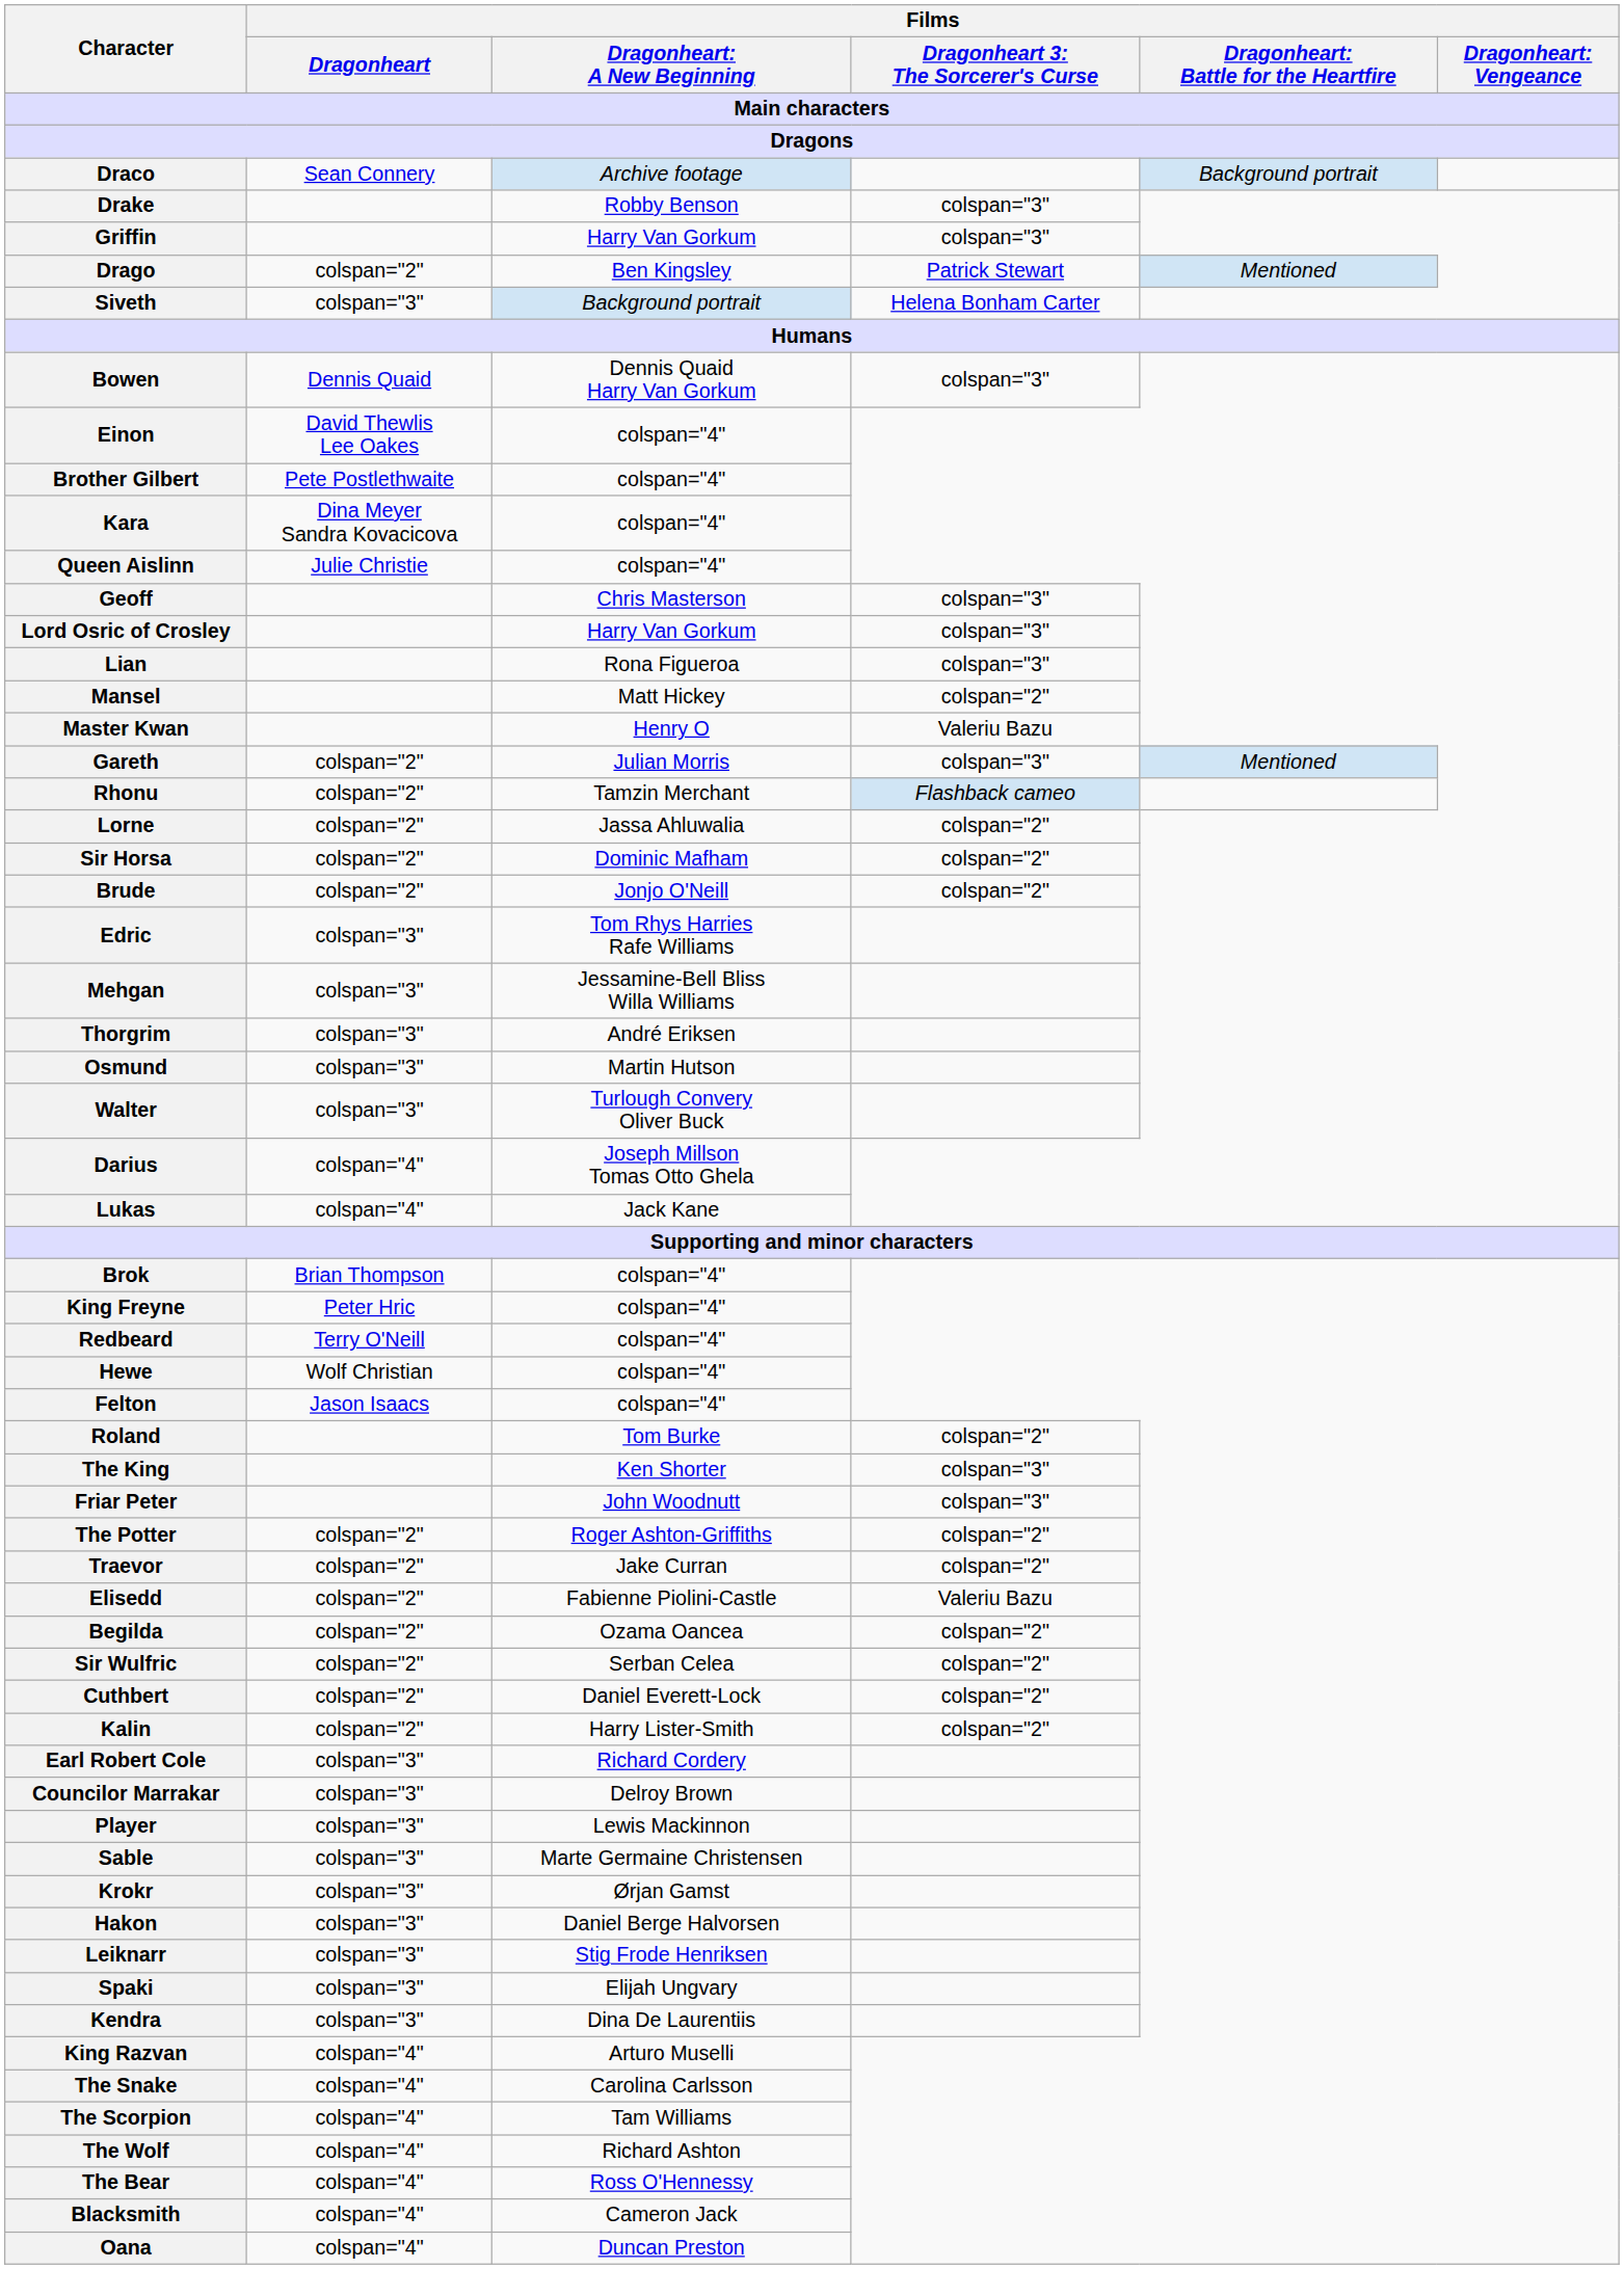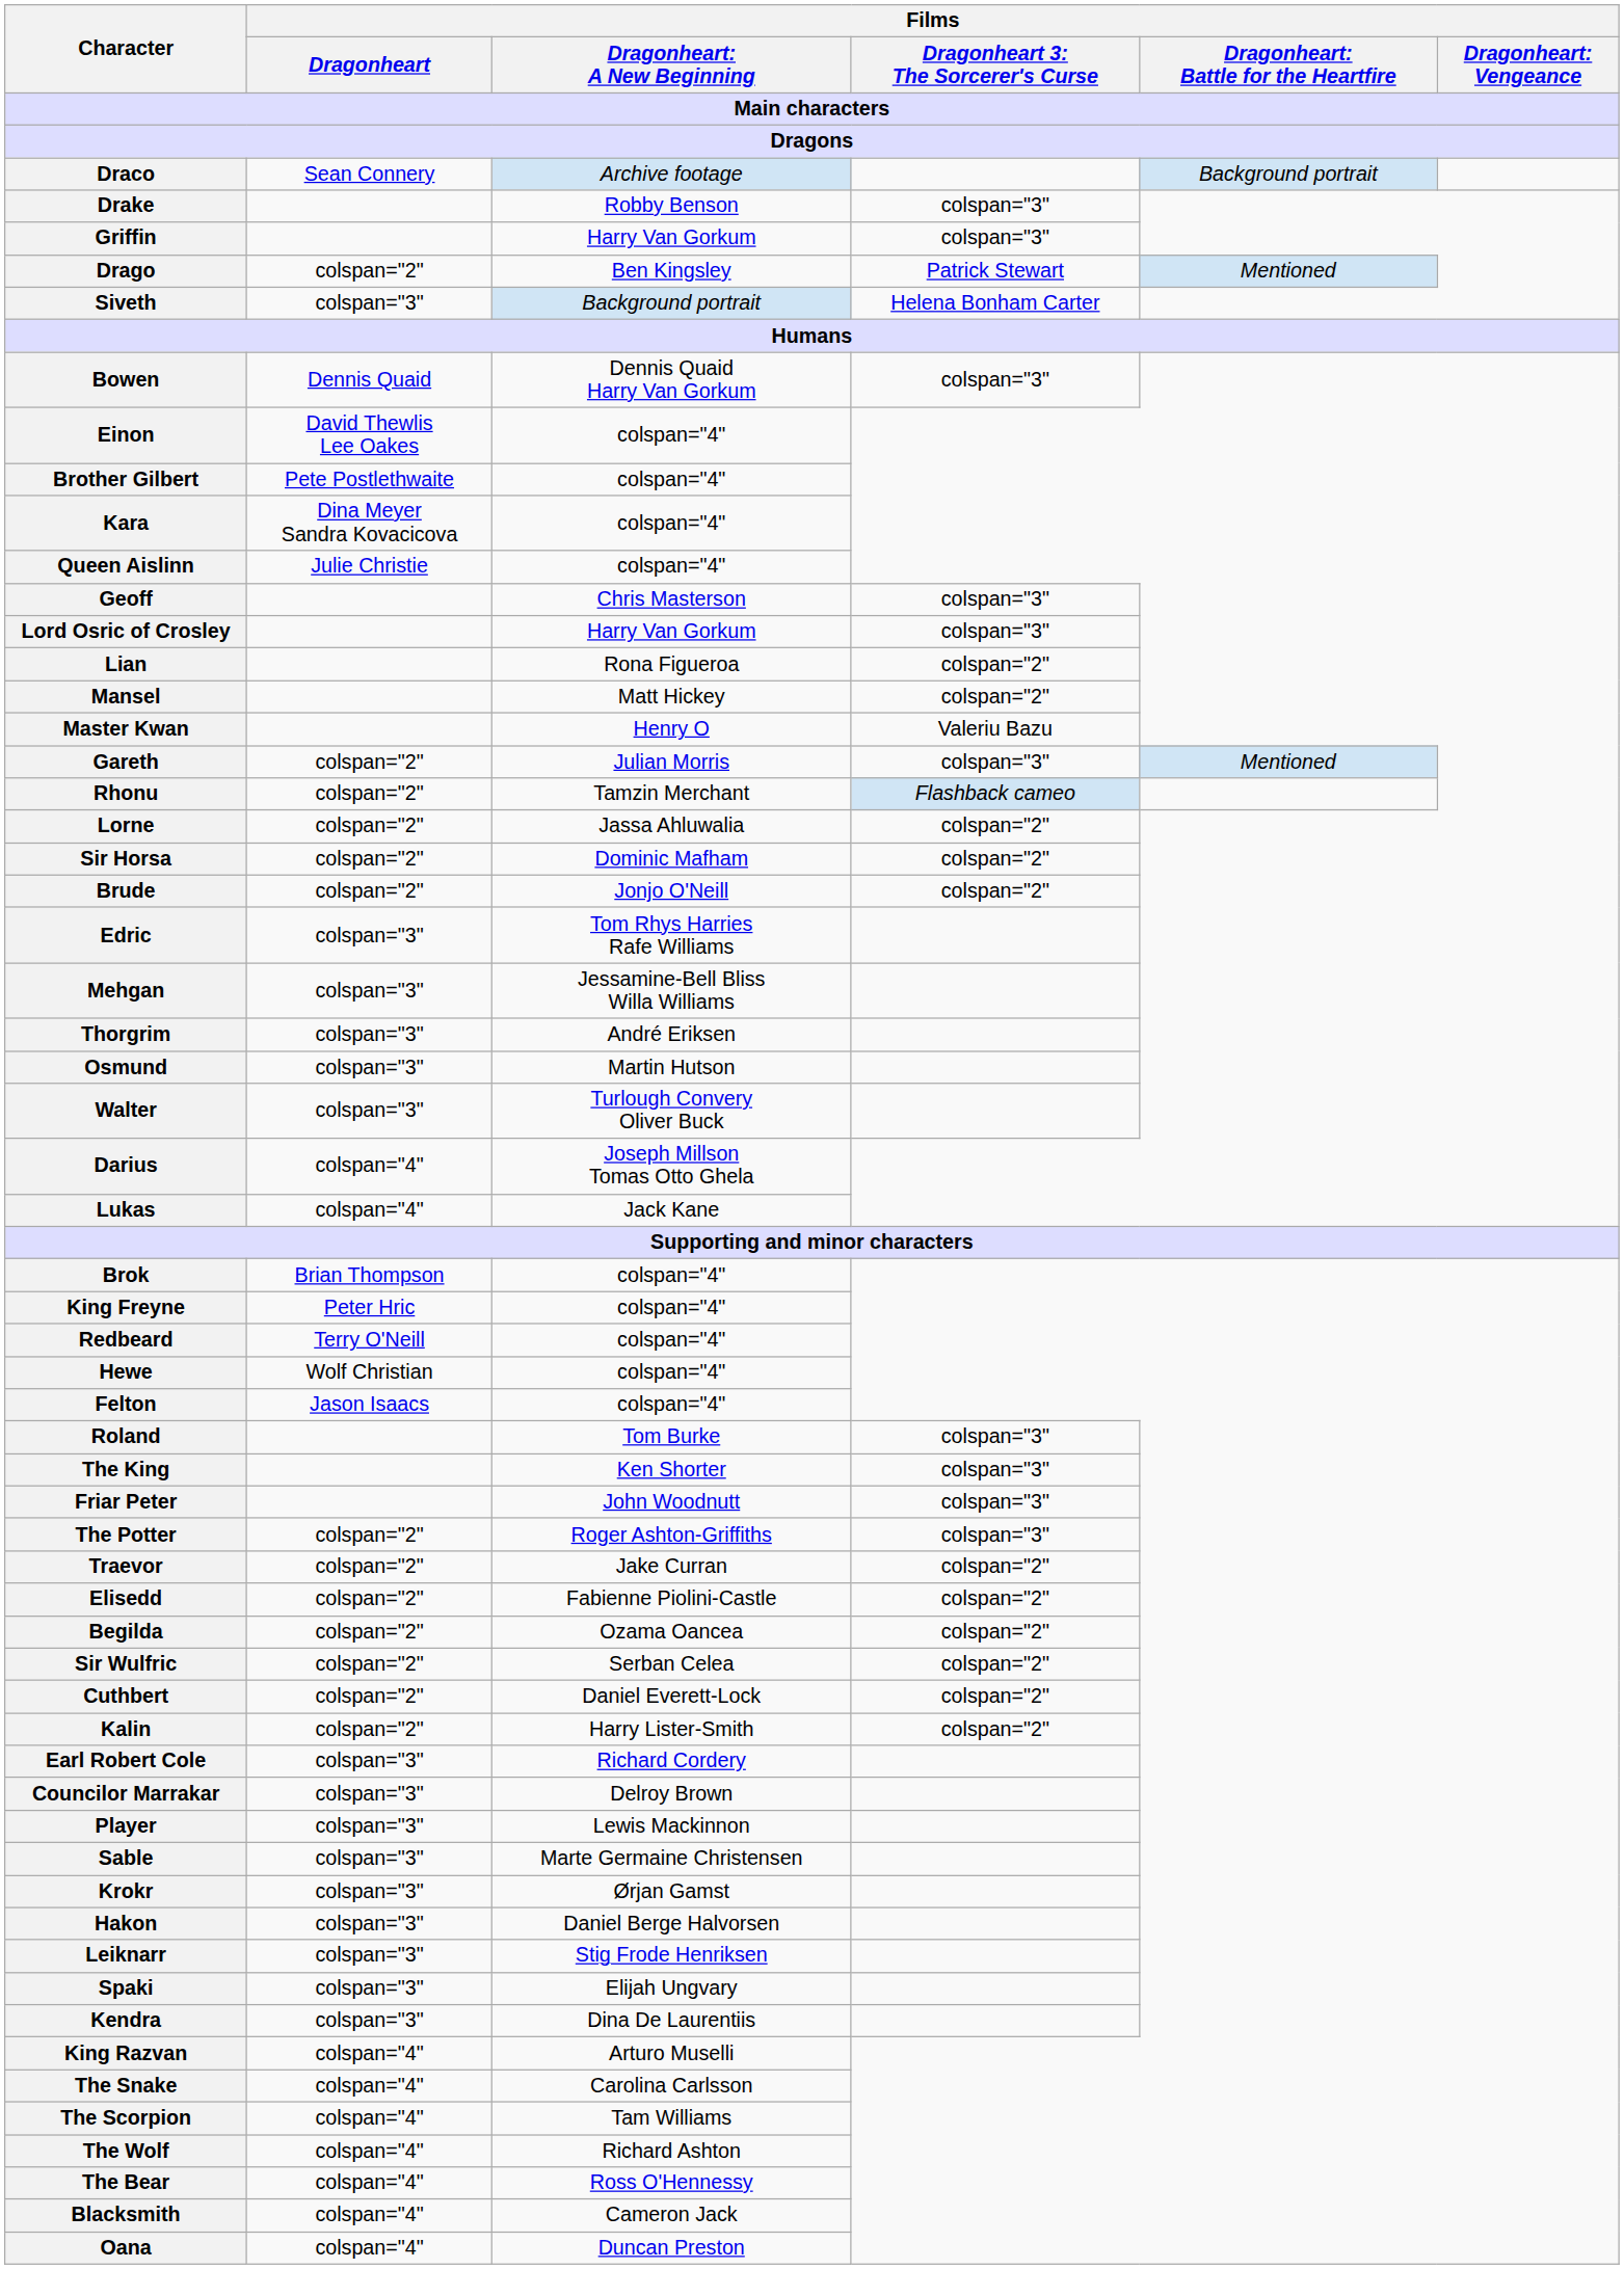 <table class="wikitable" style="width:100%; text-align:center;">
 <tr>
 <th rowspan="2" style="width:15%;">Character</th>
 <th colspan="5">Films</th>
 </tr>
 <tr>
 <th><em><a href='#'>Dragonheart</a></em></th>
 <th><em><a href='#'>Dragonheart:<br> A New Beginning</a></em></th>
 <th><em><a href='#'>Dragonheart 3:<br> The Sorcerer's Curse</a></em></th>
 <th><em><a href='#'>Dragonheart:<br> Battle for the Heartfire</a></em></th>
 <th><em><a href='#'>Dragonheart:<br> Vengeance</a></em></th>
 </tr>
 <tr>
 <th colspan="6" style="background-color:#ddf;">Main characters</th>
 </tr>
 <tr>
 <th colspan="6" style="background-color:#ddf;">Dragons</th>
 </tr>
 <tr>
 <th>Draco</th>
 <td><a href='#'>Sean Connery</a></td>
 <td style="background: #d0e5f5"><em>Archive footage</em></td>
 <td></td>
 <td style="background: #d0e5f5"><em>Background portrait</em></td>
 <td></td>
 </tr>
 <tr>
 <th>Drake</th>
 <td></td>
 <td><a href='#'>Robby Benson</a></td>
 <td>colspan="3" </td>
 </tr>
 <tr>
 <th>Griffin</th>
 <td></td>
 <td><a href='#'>Harry Van Gorkum</a></td>
 <td>colspan="3" </td>
 </tr>
 <tr>
 <th>Drago</th>
 <td>colspan="2" </td>
 <td><a href='#'>Ben Kingsley</a></td>
 <td><a href='#'>Patrick Stewart</a></td>
 <td style="background: #d0e5f5"><em>Mentioned</em></td>
 </tr>
 <tr>
 <th>Siveth</th>
 <td>colspan="3" </td>
 <td style="background: #d0e5f5"><em>Background portrait</em></td>
 <td><a href='#'>Helena Bonham Carter</a></td>
 </tr>
 <tr>
 <th colspan="6" style="background-color:#ddf;">Humans</th>
 </tr>
 <tr>
 <th>Bowen</th>
 <td><a href='#'>Dennis Quaid</a></td>
 <td>Dennis Quaid<br><a href='#'>Harry Van Gorkum</a></td>
 <td>colspan="3" </td>
 </tr>
 <tr>
 <th>Einon</th>
 <td><a href='#'>David Thewlis</a><br><a href='#'>Lee Oakes</a></td>
 <td>colspan="4" </td>
 </tr>
 <tr>
 <th>Brother Gilbert</th>
 <td><a href='#'>Pete Postlethwaite</a></td>
 <td>colspan="4" </td>
 </tr>
 <tr>
 <th>Kara</th>
 <td><a href='#'>Dina Meyer</a><br>Sandra Kovacicova</td>
 <td>colspan="4" </td>
 </tr>
 <tr>
 <th>Queen Aislinn</th>
 <td><a href='#'>Julie Christie</a></td>
 <td>colspan="4" </td>
 </tr>
 <tr>
 <th>Geoff</th>
 <td></td>
 <td><a href='#'>Chris Masterson</a></td>
 <td>colspan="3" </td>
 </tr>
 <tr>
 <th>Lord Osric of Crosley</th>
 <td></td>
 <td><a href='#'>Harry Van Gorkum</a></td>
 <td>colspan="3" </td>
 </tr>
 <tr>
 <th>Lian</th>
 <td></td>
 <td>Rona Figueroa</td>
-<td>colspan="3" </td>
+<td>colspan="2" </td>
 </tr>
 <tr>
 <th>Mansel</th>
 <td></td>
 <td>Matt Hickey</td>
 <td>colspan="2" </td>
 </tr>
 <tr>
 <th>Master Kwan</th>
 <td></td>
 <td><a href='#'>Henry O</a></td>
 <td>Valeriu Bazu</td>
 </tr>
 <tr>
 <th>Gareth</th>
 <td>colspan="2" </td>
 <td><a href='#'>Julian Morris</a></td>
 <td>colspan="3" </td>
 <td style="background: #d0e5f5"><em>Mentioned</em></td>
 </tr>
 <tr>
 <th>Rhonu</th>
 <td>colspan="2" </td>
 <td>Tamzin Merchant</td>
 <td style="background: #d0e5f5"><em>Flashback cameo</em></td>
 <td></td>
 </tr>
 <tr>
 <th>Lorne</th>
 <td>colspan="2" </td>
 <td>Jassa Ahluwalia</td>
 <td>colspan="2" </td>
 </tr>
 <tr>
 <th>Sir Horsa</th>
 <td>colspan="2" </td>
 <td><a href='#'>Dominic Mafham</a></td>
 <td>colspan="2" </td>
 </tr>
 <tr>
 <th>Brude</th>
 <td>colspan="2" </td>
 <td><a href='#'>Jonjo O'Neill</a></td>
 <td>colspan="2" </td>
 </tr>
 <tr>
 <th>Edric</th>
 <td>colspan="3" </td>
 <td><a href='#'>Tom Rhys Harries</a><br>Rafe Williams</td>
 <td></td>
 </tr>
 <tr>
 <th>Mehgan</th>
 <td>colspan="3" </td>
 <td>Jessamine-Bell Bliss<br>Willa Williams</td>
 <td></td>
 </tr>
 <tr>
 <th>Thorgrim</th>
 <td>colspan="3" </td>
 <td>André Eriksen</td>
 <td></td>
 </tr>
 <tr>
 <th>Osmund</th>
 <td>colspan="3" </td>
 <td>Martin Hutson</td>
 <td></td>
 </tr>
 <tr>
 <th>Walter</th>
 <td>colspan="3" </td>
 <td><a href='#'>Turlough Convery</a><br>Oliver Buck</td>
 <td></td>
 </tr>
 <tr>
 <th>Darius</th>
 <td>colspan="4" </td>
 <td><a href='#'>Joseph Millson</a><br>Tomas Otto Ghela</td>
 </tr>
 <tr>
 <th>Lukas</th>
 <td>colspan="4" </td>
 <td>Jack Kane</td>
 </tr>
 <tr>
 <th colspan="6" style="background-color:#ddf;">Supporting and minor characters</th>
 </tr>
 <tr>
 <th>Brok</th>
 <td><a href='#'>Brian Thompson</a></td>
 <td>colspan="4" </td>
 </tr>
 <tr>
 <th>King Freyne</th>
 <td><a href='#'>Peter Hric</a></td>
 <td>colspan="4" </td>
 </tr>
 <tr>
 <th>Redbeard</th>
 <td><a href='#'>Terry O'Neill</a></td>
 <td>colspan="4" </td>
 </tr>
 <tr>
 <th>Hewe</th>
 <td>Wolf Christian</td>
 <td>colspan="4" </td>
 </tr>
 <tr>
 <th>Felton</th>
 <td><a href='#'>Jason Isaacs</a></td>
 <td>colspan="4" </td>
 </tr>
 <tr>
 <th>Roland</th>
 <td></td>
 <td><a href='#'>Tom Burke</a></td>
-<td>colspan="2" </td>
+<td>colspan="3" </td>
 </tr>
 <tr>
 <th>The King</th>
 <td></td>
 <td><a href='#'>Ken Shorter</a></td>
 <td>colspan="3" </td>
 </tr>
 <tr>
 <th>Friar Peter</th>
 <td></td>
 <td><a href='#'>John Woodnutt</a></td>
 <td>colspan="3" </td>
 </tr>
 <tr>
 <th>The Potter</th>
 <td>colspan="2" </td>
 <td><a href='#'>Roger Ashton-Griffiths</a></td>
-<td>colspan="2" </td>
+<td>colspan="3" </td>
 </tr>
 <tr>
 <th>Traevor</th>
 <td>colspan="2" </td>
 <td>Jake Curran</td>
 <td>colspan="2" </td>
 </tr>
 <tr>
 <th>Elisedd</th>
 <td>colspan="2" </td>
 <td>Fabienne Piolini-Castle</td>
-<td>Valeriu Bazu</td>
+<td>colspan="2" </td>
 </tr>
 <tr>
 <th>Begilda</th>
 <td>colspan="2" </td>
 <td>Ozama Oancea</td>
 <td>colspan="2" </td>
 </tr>
 <tr>
 <th>Sir Wulfric</th>
 <td>colspan="2" </td>
 <td>Serban Celea</td>
 <td>colspan="2" </td>
 </tr>
 <tr>
 <th>Cuthbert</th>
 <td>colspan="2" </td>
 <td>Daniel Everett-Lock</td>
 <td>colspan="2" </td>
 </tr>
 <tr>
 <th>Kalin</th>
 <td>colspan="2" </td>
 <td>Harry Lister-Smith</td>
 <td>colspan="2" </td>
 </tr>
 <tr>
 <th>Earl Robert Cole</th>
 <td>colspan="3" </td>
 <td><a href='#'>Richard Cordery</a></td>
 <td></td>
 </tr>
 <tr>
 <th>Councilor Marrakar</th>
 <td>colspan="3" </td>
 <td>Delroy Brown</td>
 <td></td>
 </tr>
 <tr>
 <th>Player</th>
 <td>colspan="3" </td>
 <td>Lewis Mackinnon</td>
 <td></td>
 </tr>
 <tr>
 <th>Sable</th>
 <td>colspan="3" </td>
 <td>Marte Germaine Christensen</td>
 <td></td>
 </tr>
 <tr>
 <th>Krokr</th>
 <td>colspan="3" </td>
 <td>Ørjan Gamst</td>
 <td></td>
 </tr>
 <tr>
 <th>Hakon</th>
 <td>colspan="3" </td>
 <td>Daniel Berge Halvorsen</td>
 <td></td>
 </tr>
 <tr>
 <th>Leiknarr</th>
 <td>colspan="3" </td>
 <td><a href='#'>Stig Frode Henriksen</a></td>
 <td></td>
 </tr>
 <tr>
 <th>Spaki</th>
 <td>colspan="3" </td>
 <td>Elijah Ungvary</td>
 <td></td>
 </tr>
 <tr>
 <th>Kendra</th>
 <td>colspan="3" </td>
 <td>Dina De Laurentiis</td>
 <td></td>
 </tr>
 <tr>
 <th>King Razvan</th>
 <td>colspan="4" </td>
 <td>Arturo Muselli</td>
 </tr>
 <tr>
 <th>The Snake</th>
 <td>colspan="4" </td>
 <td>Carolina Carlsson</td>
 </tr>
 <tr>
 <th>The Scorpion</th>
 <td>colspan="4" </td>
 <td>Tam Williams</td>
 </tr>
 <tr>
 <th>The Wolf</th>
 <td>colspan="4" </td>
 <td>Richard Ashton</td>
 </tr>
 <tr>
 <th>The Bear</th>
 <td>colspan="4" </td>
 <td><a href='#'>Ross O'Hennessy</a></td>
 </tr>
 <tr>
 <th>Blacksmith</th>
 <td>colspan="4" </td>
 <td>Cameron Jack</td>
 </tr>
 <tr>
 <th>Oana</th>
 <td>colspan="4" </td>
 <td><a href='#'>Duncan Preston</a></td>
 </tr>
 </table>
